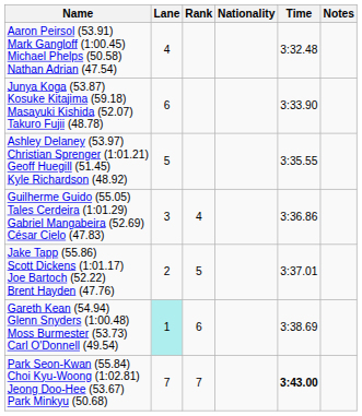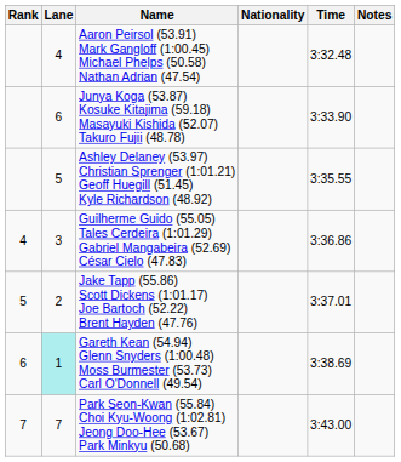 <table class="wikitable sortable" style="text-align:center">
 <tr>
+<th>Rank</th>
+<th>Lane</th>
 <th>Name</th>
-<th>Lane</th>
-<th>Rank</th>
 <th>Nationality</th>
 <th>Time</th>
 <th>Notes</th>
 </tr>
 <tr>
+<td></td>
+<td>4</td>
 <td align=left><a href='#'>Aaron Peirsol</a> (53.91) <br> <a href='#'>Mark Gangloff</a> (1:00.45) <br> <a href='#'>Michael Phelps</a> (50.58) <br> <a href='#'>Nathan Adrian</a> (47.54)</td>
-<td>4</td>
-<td></td>
 <td align=left></td>
 <td>3:32.48</td>
 <td></td>
 </tr>
 <tr>
+<td></td>
+<td>6</td>
 <td align=left><a href='#'>Junya Koga</a> (53.87) <br> <a href='#'>Kosuke Kitajima</a> (59.18) <br> <a href='#'>Masayuki Kishida</a> (52.07) <br> <a href='#'>Takuro Fujii</a> (48.78)</td>
-<td>6</td>
-<td></td>
 <td align=left></td>
 <td>3:33.90</td>
 <td></td>
 </tr>
 <tr>
+<td></td>
+<td>5</td>
 <td align=left><a href='#'>Ashley Delaney</a> (53.97) <br> <a href='#'>Christian Sprenger</a> (1:01.21) <br> <a href='#'>Geoff Huegill</a> (51.45) <br> <a href='#'>Kyle Richardson</a> (48.92)</td>
-<td>5</td>
-<td></td>
 <td align=left></td>
 <td>3:35.55</td>
 <td></td>
 </tr>
 <tr>
+<td>4</td>
+<td>3</td>
 <td align=left><a href='#'>Guilherme Guido</a> (55.05) <br> <a href='#'>Tales Cerdeira</a> (1:01.29) <br> <a href='#'>Gabriel Mangabeira</a> (52.69) <br> <a href='#'>César Cielo</a> (47.83)</td>
-<td>3</td>
-<td>4</td>
 <td align=left></td>
 <td>3:36.86</td>
 <td></td>
 </tr>
 <tr>
+<td>5</td>
+<td>2</td>
 <td align=left><a href='#'>Jake Tapp</a> (55.86) <br><a href='#'>Scott Dickens</a> (1:01.17) <br><a href='#'>Joe Bartoch</a> (52.22) <br><a href='#'>Brent Hayden</a> (47.76)</td>
-<td>2</td>
-<td>5</td>
 <td align=left></td>
 <td>3:37.01</td>
 <td></td>
 </tr>
 <tr>
+<td>6</td>
+<td style="background: paleturquoise;">1</td>
 <td align=left><a href='#'>Gareth Kean</a> (54.94) <br> <a href='#'>Glenn Snyders</a> (1:00.48) <br> <a href='#'>Moss Burmester</a> (53.73) <br> <a href='#'>Carl O'Donnell</a> (49.54)</td>
-<td style="background: paleturquoise;">1</td>
-<td>6</td>
 <td align=left></td>
 <td>3:38.69</td>
 <td></td>
 </tr>
 <tr>
-<td align=left><a href='#'>Park Seon-Kwan</a> (55.84) <br><a href='#'>Choi Kyu-Woong</a> (1:02.81) <br><a href='#'>Jeong Doo-Hee</a> (53.67) <br><a href='#'>Park Minkyu</a> (50.68)</td>
 <td>7</td>
 <td>7</td>
+<td align=left><a href='#'>Park Seon-Kwan</a> (55.84) <br><a href='#'>Choi Kyu-Woong</a> (1:02.81) <br><a href='#'>Jeong Doo-Hee</a> (53.67) <br><a href='#'>Park Minkyu</a> (50.68)</td>
 <td align=left></td>
-<td><strong>3:43.00</strong></td>
+<td>3:43.00</td>
 <td></td>
 </tr>
 </table>
